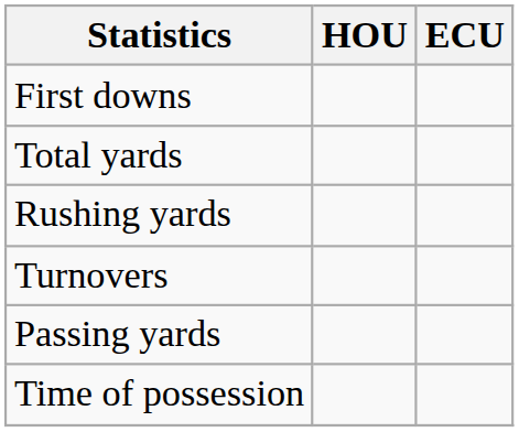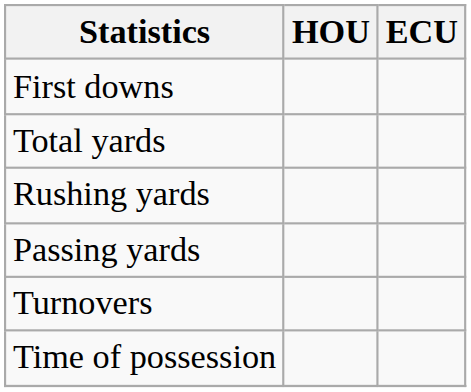 <table class="wikitable">
 <tr>
 <th>Statistics</th>
 <th>HOU</th>
 <th>ECU</th>
 </tr>
 <tr>
 <td>First downs</td>
 <td></td>
 <td></td>
 </tr>
 <tr>
 <td>Total yards</td>
 <td></td>
 <td></td>
 </tr>
 <tr>
 <td>Rushing yards</td>
 <td></td>
 <td></td>
 </tr>
 <tr>
-<td>Turnovers</td>
+<td>Passing yards</td>
 <td></td>
 <td></td>
 </tr>
 <tr>
-<td>Passing yards</td>
+<td>Turnovers</td>
 <td></td>
 <td></td>
 </tr>
 <tr>
 <td>Time of possession</td>
 <td></td>
 <td></td>
 </tr>
 <tr>
 </tr>
 </table>
